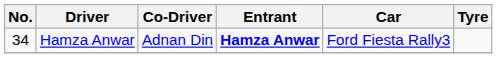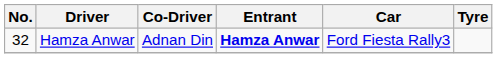 <table class="wikitable" style="font-size: 85%;">
 <tr>
 <th>No.</th>
 <th>Driver</th>
 <th>Co-Driver</th>
 <th>Entrant</th>
 <th>Car</th>
 <th>Tyre</th>
 </tr>
 <tr>
-<td align="center">34</td>
+<td align="center">32</td>
 <td> <a href='#'>Hamza Anwar</a></td>
 <td> <a href='#'>Adnan Din</a></td>
 <td><strong> <a href='#'>Hamza Anwar</a></strong></td>
 <td><a href='#'>Ford Fiesta Rally3</a></td>
 <td align="center"></td>
 </tr>
 <tr>
 </tr>
 </table>
